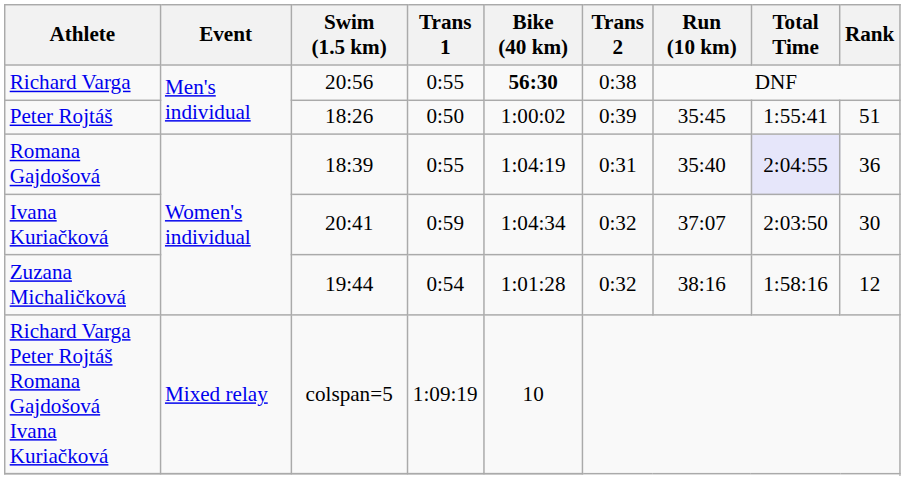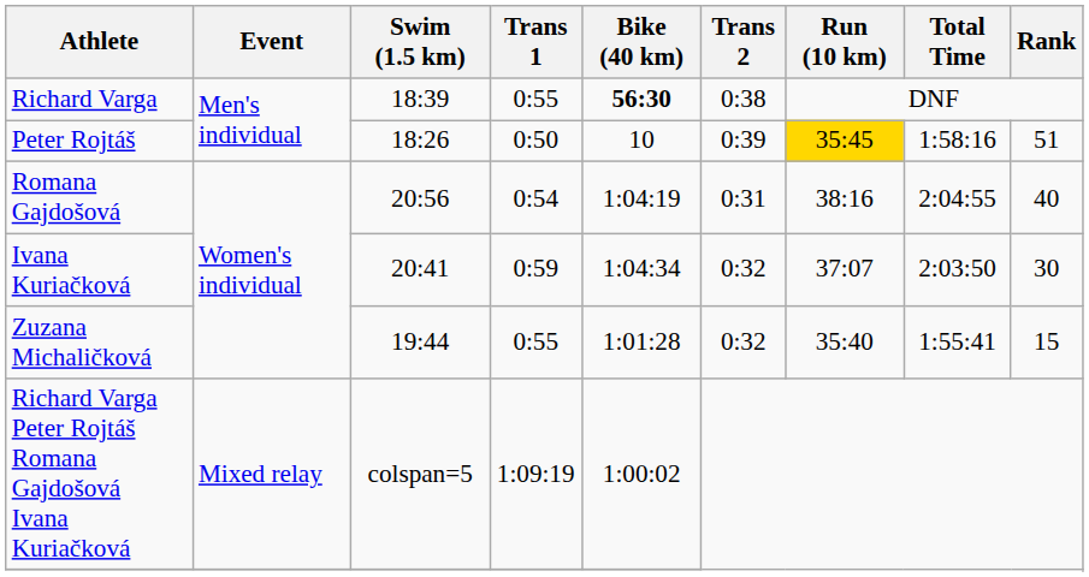 <table class="wikitable" style="font-size:90%; text-align:center;">
 <tr>
 <th>Athlete</th>
 <th>Event</th>
 <th>Swim (1.5 km)</th>
 <th>Trans 1</th>
 <th>Bike (40 km)</th>
 <th>Trans 2</th>
 <th>Run (10 km)</th>
 <th>Total Time</th>
 <th>Rank</th>
 </tr>
 <tr>
 <td align=left><a href='#'>Richard Varga</a></td>
 <td align=left rowspan=2><a href='#'>Men's individual</a></td>
-<td>20:56</td>
+<td>18:39</td>
 <td>0:55</td>
 <td><strong>56:30</strong></td>
 <td>0:38</td>
 <td colspan=3>DNF</td>
 </tr>
 <tr>
 <td align=left><a href='#'>Peter Rojtáš</a></td>
 <td>18:26</td>
 <td>0:50</td>
-<td>1:00:02</td>
+<td>10</td>
 <td>0:39</td>
-<td>35:45</td>
-<td>1:55:41</td>
+<td style="background: gold;">35:45</td>
+<td>1:58:16</td>
 <td>51</td>
 </tr>
 <tr>
 <td align=left><a href='#'>Romana Gajdošová</a></td>
 <td align=left rowspan=3><a href='#'>Women's individual</a></td>
-<td>18:39</td>
-<td>0:55</td>
+<td>20:56</td>
+<td>0:54</td>
 <td>1:04:19</td>
 <td>0:31</td>
-<td>35:40</td>
-<td style="background: lavender;">2:04:55</td>
-<td>36</td>
+<td>38:16</td>
+<td>2:04:55</td>
+<td>40</td>
 </tr>
 <tr>
 <td align=left><a href='#'>Ivana Kuriačková</a></td>
 <td>20:41</td>
 <td>0:59</td>
 <td>1:04:34</td>
 <td>0:32</td>
 <td>37:07</td>
 <td>2:03:50</td>
 <td>30</td>
 </tr>
 <tr>
 <td align=left><a href='#'>Zuzana Michaličková</a></td>
 <td>19:44</td>
-<td>0:54</td>
+<td>0:55</td>
 <td>1:01:28</td>
 <td>0:32</td>
-<td>38:16</td>
-<td>1:58:16</td>
-<td>12</td>
+<td>35:40</td>
+<td>1:55:41</td>
+<td>15</td>
 </tr>
 <tr>
 <td align=left><a href='#'>Richard Varga</a><br><a href='#'>Peter Rojtáš</a><br><a href='#'>Romana Gajdošová</a><br><a href='#'>Ivana Kuriačková</a></td>
 <td align=left><a href='#'>Mixed relay</a></td>
 <td>colspan=5</td>
 <td>1:09:19</td>
-<td>10</td>
+<td>1:00:02</td>
 </tr>
 <tr>
 </tr>
 </table>
